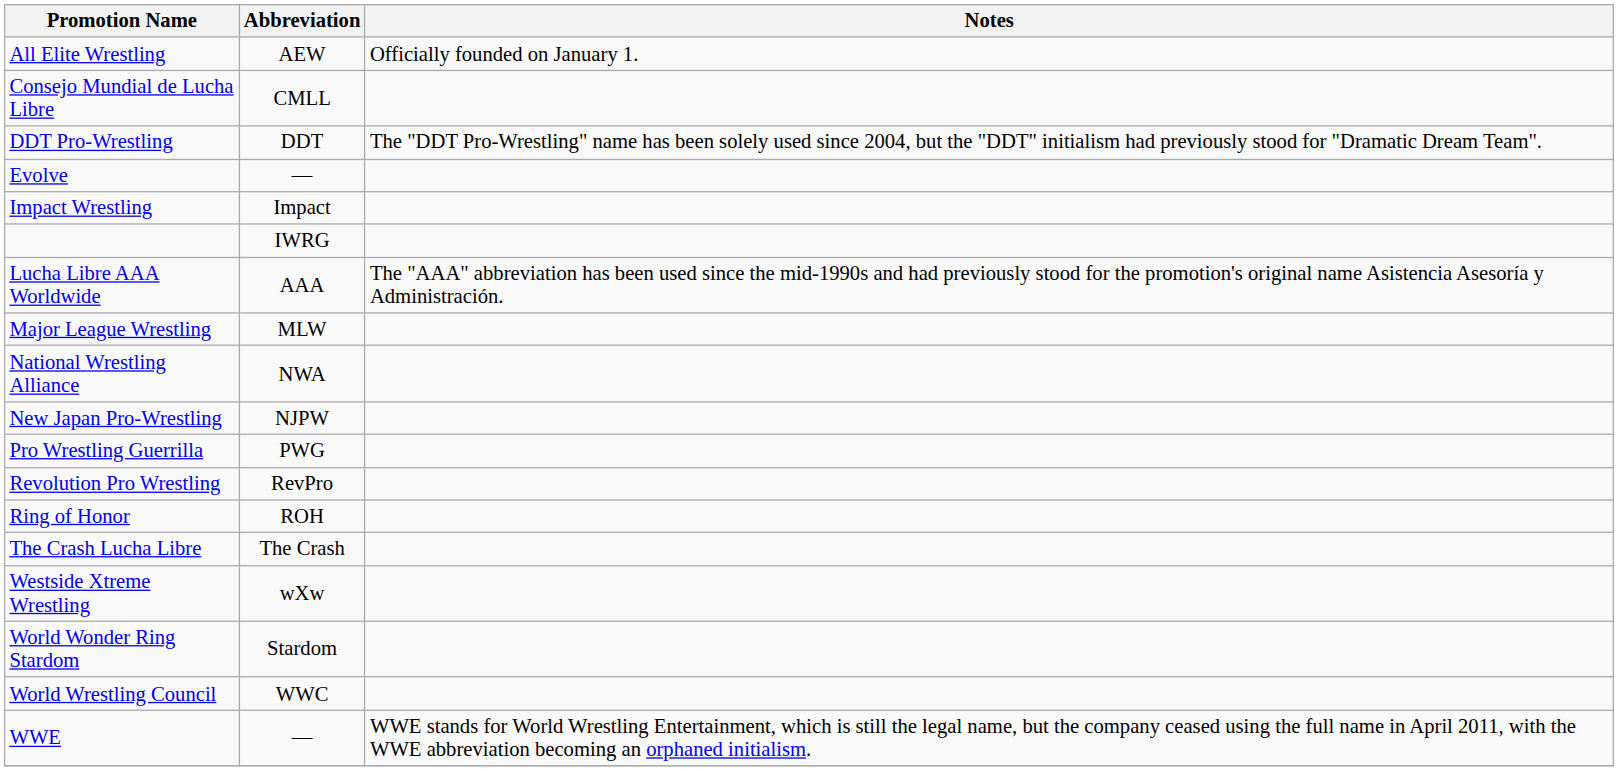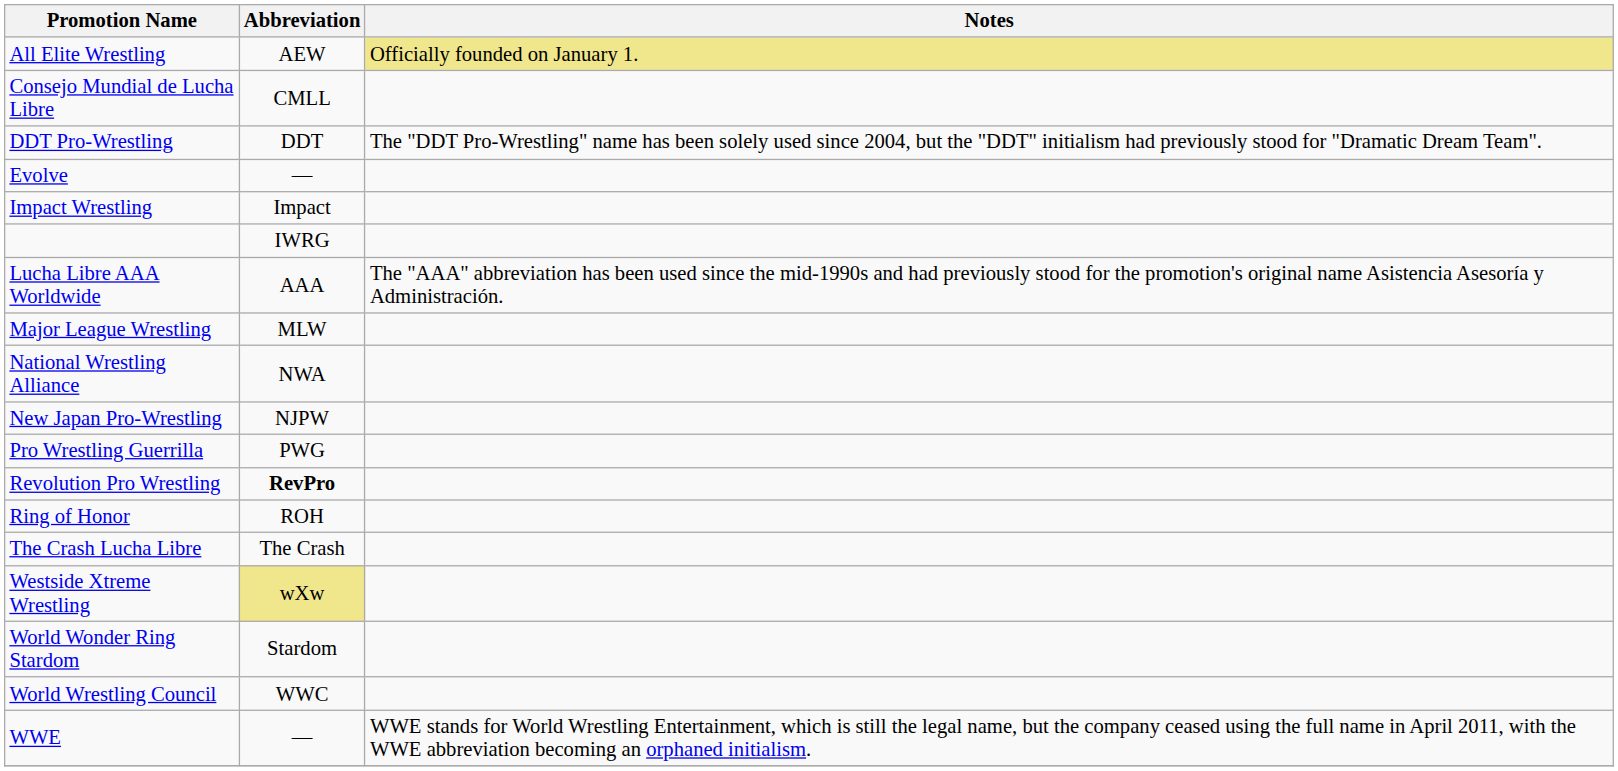 <table class="wikitable">
 <tr>
 <th>Promotion Name</th>
 <th>Abbreviation</th>
 <th>Notes</th>
 </tr>
 <tr>
 <td><a href='#'>All Elite Wrestling</a></td>
 <td align=center>AEW</td>
-<td>Officially founded on January 1.</td>
+<td style="background: khaki;">Officially founded on January 1.</td>
 </tr>
 <tr>
 <td><a href='#'>Consejo Mundial de Lucha Libre</a></td>
 <td align=center>CMLL</td>
 <td></td>
 </tr>
 <tr>
 <td><a href='#'>DDT Pro-Wrestling</a></td>
 <td align=center>DDT</td>
 <td>The "DDT Pro-Wrestling" name has been solely used since 2004, but the "DDT" initialism had previously stood for "Dramatic Dream Team".</td>
 </tr>
 <tr>
 <td><a href='#'>Evolve</a></td>
 <td align=center>—</td>
 <td></td>
 </tr>
 <tr>
 <td><a href='#'>Impact Wrestling</a></td>
 <td align=center>Impact</td>
 <td></td>
 </tr>
 <tr>
 <td></td>
 <td align=center>IWRG</td>
 <td></td>
 </tr>
 <tr>
 <td><a href='#'>Lucha Libre AAA Worldwide</a></td>
 <td align=center>AAA</td>
 <td>The "AAA" abbreviation has been used since the mid-1990s and had previously stood for the promotion's original name Asistencia Asesoría y Administración.</td>
 </tr>
 <tr>
 <td><a href='#'>Major League Wrestling</a></td>
 <td align=center>MLW</td>
 <td></td>
 </tr>
 <tr>
 <td><a href='#'>National Wrestling Alliance</a></td>
 <td align=center>NWA</td>
 <td></td>
 </tr>
 <tr>
 <td><a href='#'>New Japan Pro-Wrestling</a></td>
 <td align=center>NJPW</td>
 <td></td>
 </tr>
 <tr>
 <td><a href='#'>Pro Wrestling Guerrilla</a></td>
 <td align=center>PWG</td>
 <td></td>
 </tr>
 <tr>
 <td><a href='#'>Revolution Pro Wrestling</a></td>
-<td align=center>RevPro</td>
+<td align=center><strong>RevPro</strong></td>
 <td></td>
 </tr>
 <tr>
 <td><a href='#'>Ring of Honor</a></td>
 <td align=center>ROH</td>
 <td></td>
 </tr>
 <tr>
 <td><a href='#'>The Crash Lucha Libre</a></td>
 <td align=center>The Crash</td>
 <td></td>
 </tr>
 <tr>
 <td><a href='#'>Westside Xtreme Wrestling</a></td>
-<td align=center>wXw</td>
+<td align=center style="background: khaki;">wXw</td>
 <td></td>
 </tr>
 <tr>
 <td><a href='#'>World Wonder Ring Stardom</a></td>
 <td align=center>Stardom</td>
 <td></td>
 </tr>
 <tr>
 <td><a href='#'>World Wrestling Council</a></td>
 <td align=center>WWC</td>
 <td></td>
 </tr>
 <tr>
 <td><a href='#'>WWE</a></td>
 <td align=center>—</td>
 <td>WWE stands for World Wrestling Entertainment, which is still the legal name, but the company ceased using the full name in April 2011, with the WWE abbreviation becoming an <a href='#'>orphaned initialism</a>.<br></td>
 </tr>
 <tr>
 </tr>
 </table>
